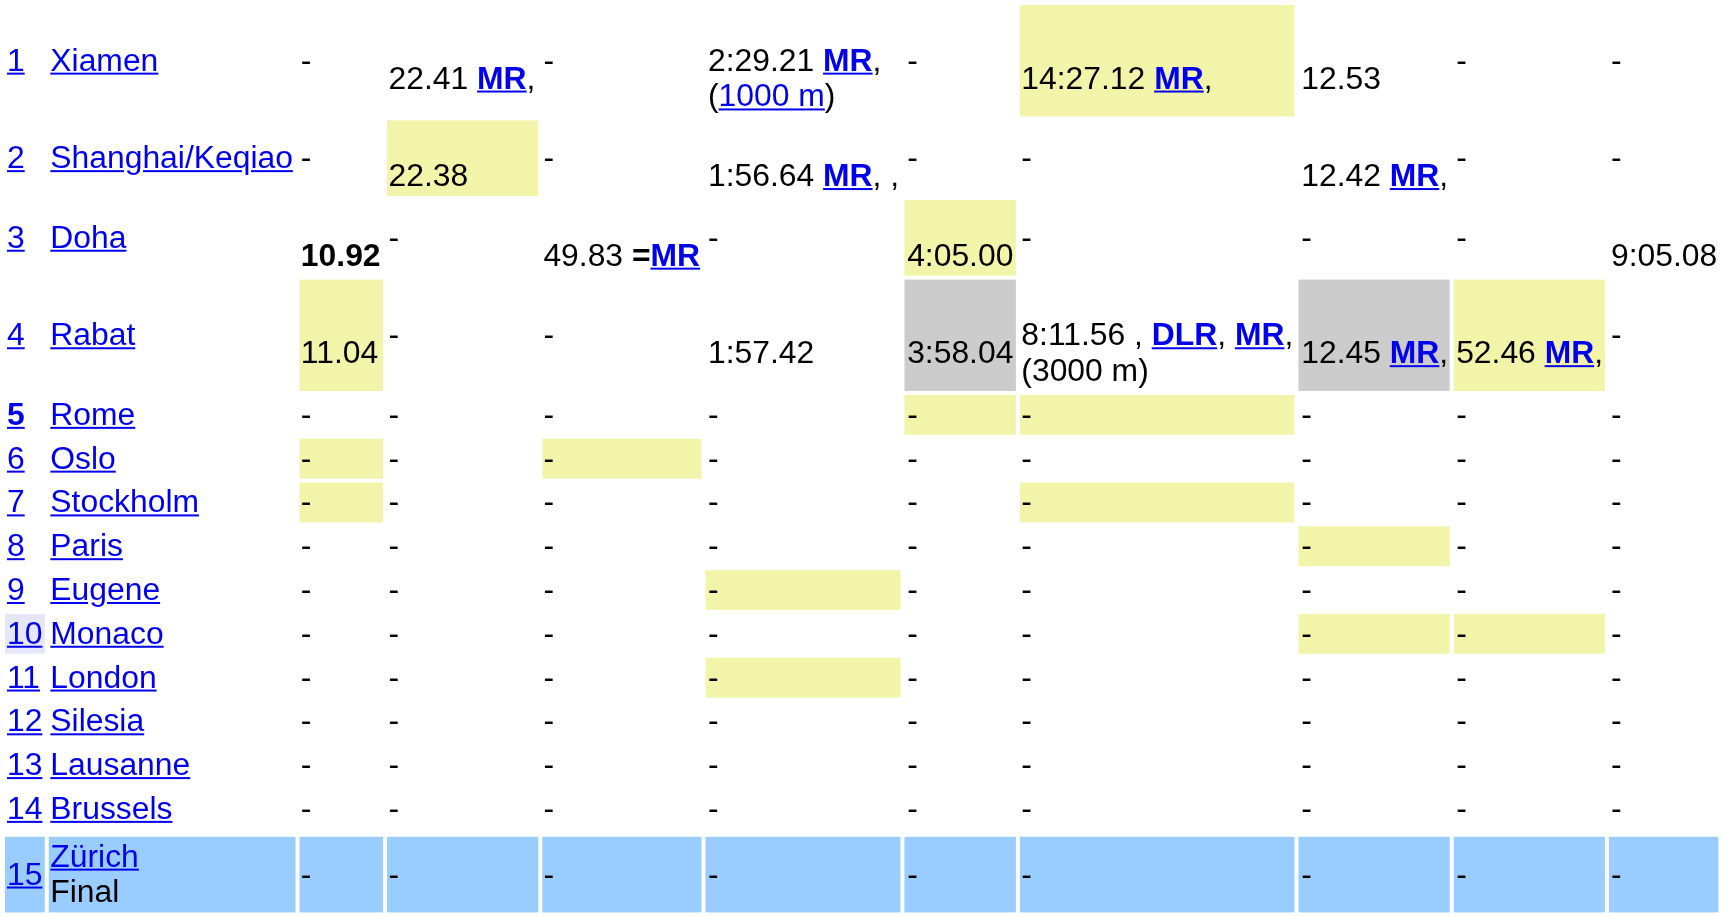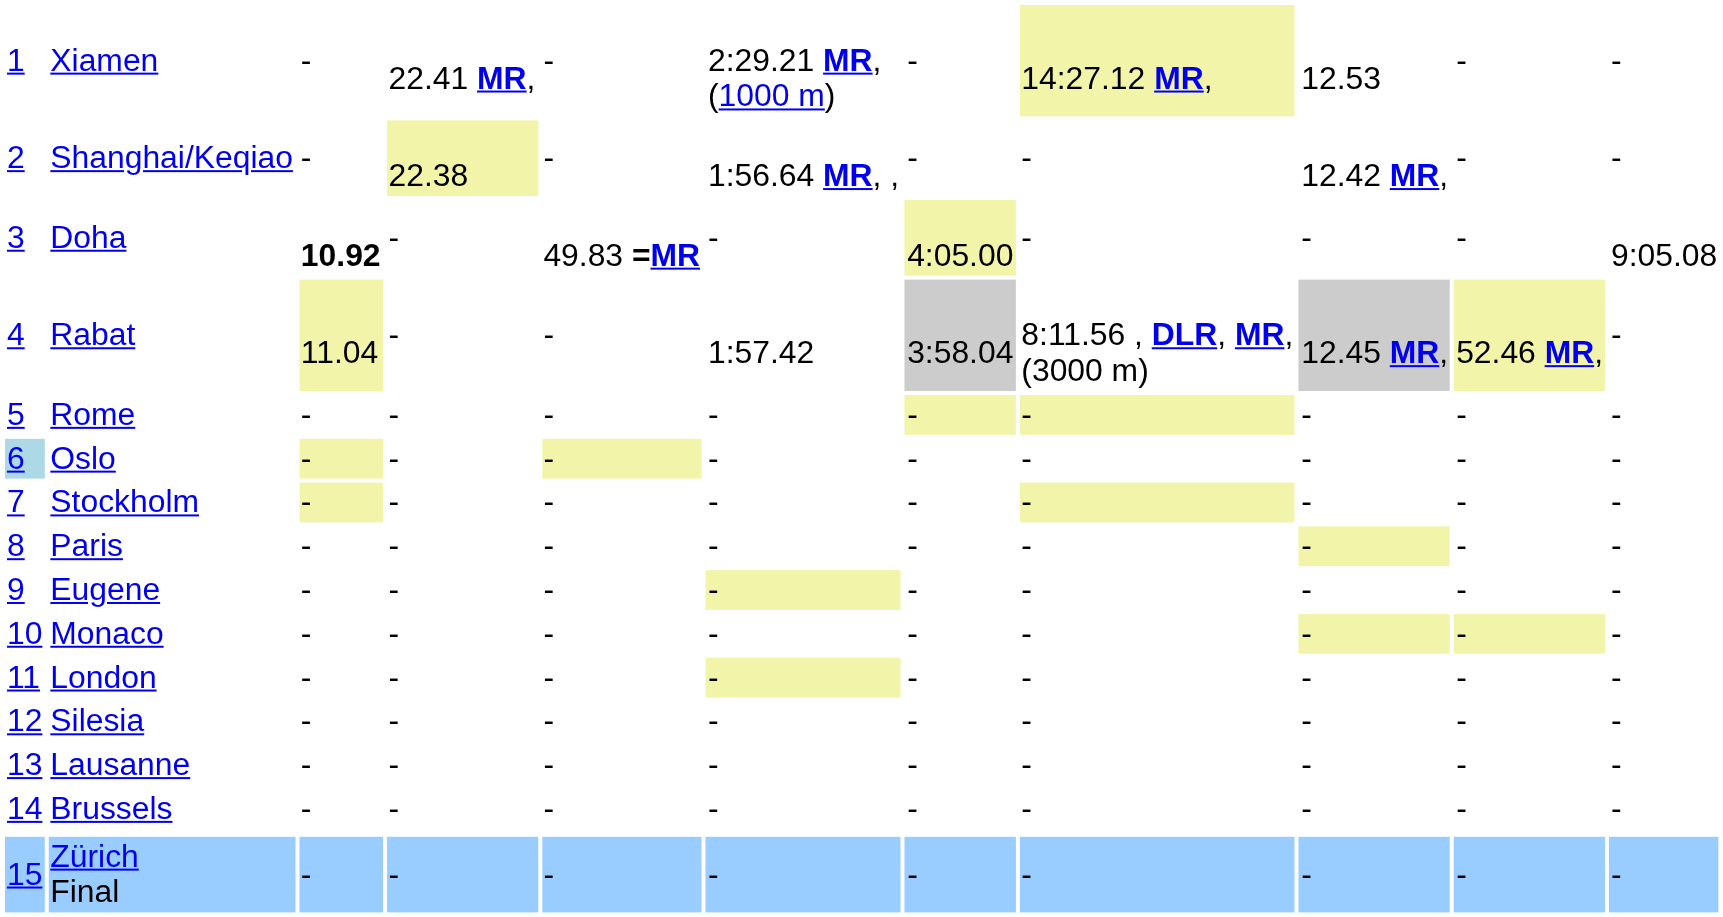 <table>
 <tr>
 <td><a href='#'>1</a></td>
 <td><a href='#'>Xiamen</a></td>
 <td>-</td>
 <td><br> 22.41 <strong><a href='#'>MR</a></strong>, </td>
 <td>-</td>
 <td><br> 2:29.21 <strong><a href='#'>MR</a></strong>, <br> (<a href='#'>1000 m</a>)</td>
 <td>-</td>
 <td bgcolor=#F2F5A9><br> 14:27.12 <strong><a href='#'>MR</a></strong>, </td>
 <td><br> 12.53 </td>
 <td>-</td>
 <td>-</td>
 </tr>
 <tr>
 <td><a href='#'>2</a></td>
 <td><a href='#'>Shanghai/Keqiao</a></td>
 <td>-</td>
 <td bgcolor=#F2F5A9><br> 22.38 </td>
 <td>-</td>
 <td><br> 1:56.64 <strong><a href='#'>MR</a></strong>, , </td>
 <td>-</td>
 <td>-</td>
 <td><br> 12.42 <strong><a href='#'>MR</a></strong>, </td>
 <td>-</td>
 <td>-</td>
 </tr>
 <tr>
 <td><a href='#'>3</a></td>
 <td><a href='#'>Doha</a></td>
 <td><strong><br> 10.92 </strong></td>
 <td>-</td>
 <td><br> 49.83 <strong>=<a href='#'>MR</a></strong></td>
 <td>-</td>
 <td bgcolor=#F2F5A9><br> 4:05.00 </td>
 <td>-</td>
 <td>-</td>
 <td>-</td>
 <td><br> 9:05.08 </td>
 </tr>
 <tr>
 <td><a href='#'>4</a></td>
 <td><a href='#'>Rabat</a></td>
 <td bgcolor=#F2F5A9><br> 11.04 </td>
 <td>-</td>
 <td>-</td>
 <td><br> 1:57.42</td>
 <td bgcolor=#CCC><br> 3:58.04 </td>
 <td><br> 8:11.56 <strong></strong>, <strong><a href='#'>DLR</a></strong>, <strong><a href='#'>MR</a></strong>, <br> (3000 m)</td>
 <td bgcolor=#CCC><br> 12.45 <strong><a href='#'>MR</a></strong>, </td>
 <td bgcolor=#F2F5A9><br> 52.46 <strong><a href='#'>MR</a></strong>, </td>
 <td>-</td>
 </tr>
 <tr>
-<td><strong><a href='#'>5</a></strong></td>
+<td><a href='#'>5</a></td>
 <td><a href='#'>Rome</a></td>
 <td>-</td>
 <td>-</td>
 <td>-</td>
 <td>-</td>
 <td bgcolor=#F2F5A9>-</td>
 <td bgcolor=#F2F5A9>-</td>
 <td>-</td>
 <td>-</td>
 <td>-</td>
 </tr>
 <tr>
-<td><a href='#'>6</a></td>
+<td style="background: lightblue;"><a href='#'>6</a></td>
 <td><a href='#'>Oslo</a></td>
 <td bgcolor=#F2F5A9>-</td>
 <td>-</td>
 <td bgcolor=#F2F5A9>-</td>
 <td>-</td>
 <td>-</td>
 <td>-</td>
 <td>-</td>
 <td>-</td>
 <td>-</td>
 </tr>
 <tr>
 <td><a href='#'>7</a></td>
 <td><a href='#'>Stockholm</a></td>
 <td bgcolor=#F2F5A9>-</td>
 <td>-</td>
 <td>-</td>
 <td>-</td>
 <td>-</td>
 <td bgcolor=#F2F5A9>-</td>
 <td>-</td>
 <td>-</td>
 <td>-</td>
 </tr>
 <tr>
 <td><a href='#'>8</a></td>
 <td><a href='#'>Paris</a></td>
 <td>-</td>
 <td>-</td>
 <td>-</td>
 <td>-</td>
 <td>-</td>
 <td>-</td>
 <td bgcolor=#F2F5A9>-</td>
 <td>-</td>
 <td>-</td>
 </tr>
 <tr>
 <td><a href='#'>9</a></td>
 <td><a href='#'>Eugene</a></td>
 <td>-</td>
 <td>-</td>
 <td>-</td>
 <td bgcolor=#F2F5A9>-</td>
 <td>-</td>
 <td>-</td>
 <td>-</td>
 <td>-</td>
 <td>-</td>
 </tr>
 <tr>
-<td style="background: lavender;"><a href='#'>10</a></td>
+<td><a href='#'>10</a></td>
 <td><a href='#'>Monaco</a></td>
 <td>-</td>
 <td>-</td>
 <td>-</td>
 <td>-</td>
 <td>-</td>
 <td>-</td>
 <td bgcolor=#F2F5A9>-</td>
 <td bgcolor=#F2F5A9>-</td>
 <td>-</td>
 </tr>
 <tr>
 <td><a href='#'>11</a></td>
 <td><a href='#'>London</a></td>
 <td>-</td>
 <td>-</td>
 <td>-</td>
 <td bgcolor=#F2F5A9>-</td>
 <td>-</td>
 <td>-</td>
 <td>-</td>
 <td>-</td>
 <td>-</td>
 </tr>
 <tr>
 <td><a href='#'>12</a></td>
 <td><a href='#'>Silesia</a></td>
 <td>-</td>
 <td>-</td>
 <td>-</td>
 <td>-</td>
 <td>-</td>
 <td>-</td>
 <td>-</td>
 <td>-</td>
 <td>-</td>
 </tr>
 <tr>
 <td><a href='#'>13</a></td>
 <td><a href='#'>Lausanne</a></td>
 <td>-</td>
 <td>-</td>
 <td>-</td>
 <td>-</td>
 <td>-</td>
 <td>-</td>
 <td>-</td>
 <td>-</td>
 <td>-</td>
 </tr>
 <tr>
 <td><a href='#'>14</a></td>
 <td><a href='#'>Brussels</a></td>
 <td>-</td>
 <td>-</td>
 <td>-</td>
 <td>-</td>
 <td>-</td>
 <td>-</td>
 <td>-</td>
 <td>-</td>
 <td>-</td>
 </tr>
 <tr>
 </tr>
 <tr bgcolor=#9acdff>
 <td><a href='#'>15</a></td>
 <td><a href='#'>Zürich</a><br>Final</td>
 <td>-</td>
 <td>-</td>
 <td>-</td>
 <td>-</td>
 <td>-</td>
 <td>-</td>
 <td>-</td>
 <td>-</td>
 <td>-</td>
 </tr>
 <tr>
 </tr>
 </table>
